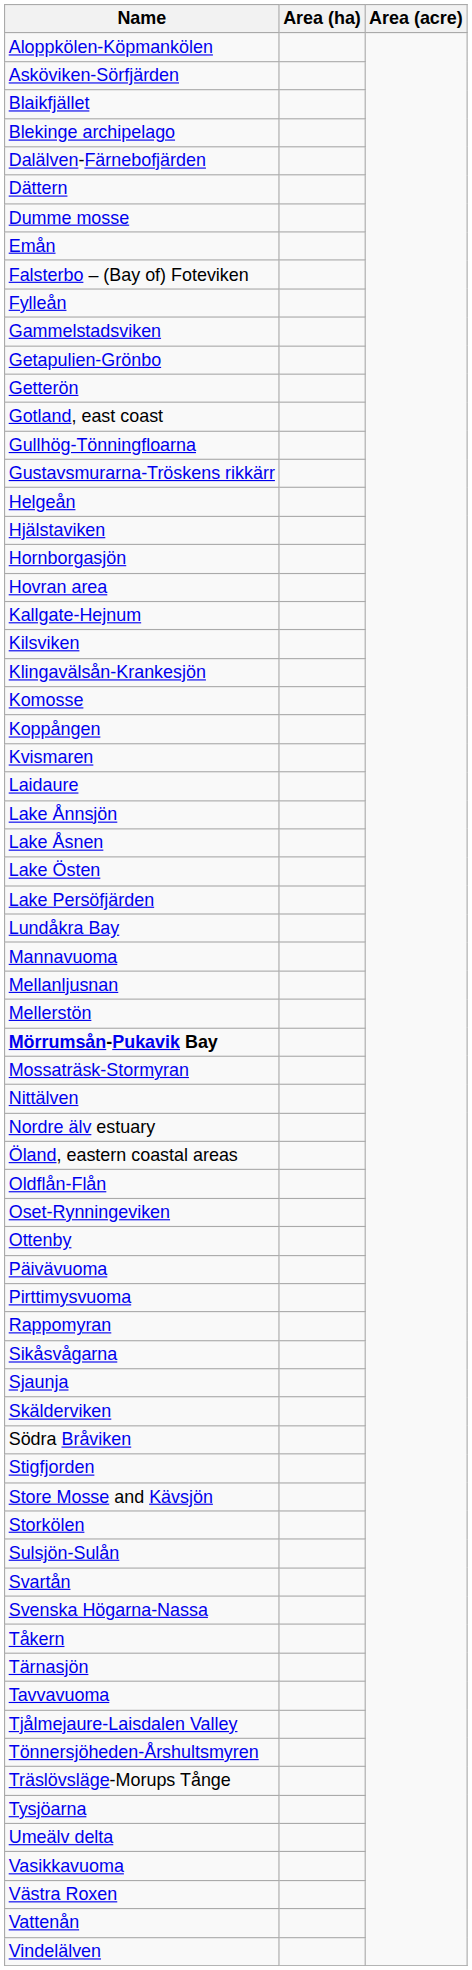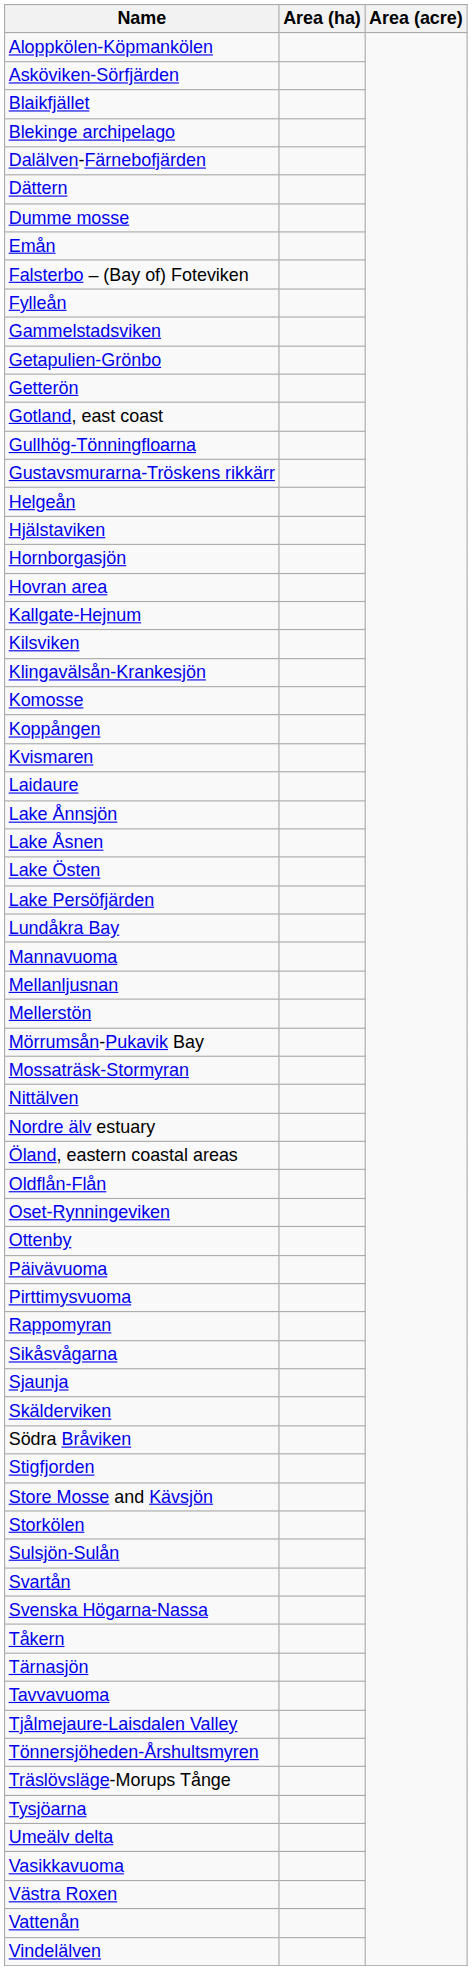 <table class="wikitable sortable">
 <tr>
 <th scope="col" align=left>Name</th>
 <th scope="col">Area (ha)</th>
 <th scope="col">Area (acre)</th>
 </tr>
 <tr ---->
 <td><a href='#'>Aloppkölen-Köpmankölen</a></td>
 <td></td>
 </tr>
 <tr ---->
 <td><a href='#'>Asköviken-Sörfjärden</a></td>
 <td></td>
 </tr>
 <tr ---->
 <td><a href='#'>Blaikfjället</a></td>
 <td></td>
 </tr>
 <tr ---->
 <td><a href='#'>Blekinge archipelago</a></td>
 <td></td>
 </tr>
 <tr ---->
 <td><a href='#'>Dalälven</a>-<a href='#'>Färnebofjärden</a></td>
 <td></td>
 </tr>
 <tr ---->
 <td><a href='#'>Dättern</a></td>
 <td></td>
 </tr>
 <tr ---->
 <td><a href='#'>Dumme mosse</a></td>
 <td></td>
 </tr>
 <tr ---->
 <td><a href='#'>Emån</a></td>
 <td></td>
 </tr>
 <tr ---->
 <td><a href='#'>Falsterbo</a> – (Bay of) Foteviken</td>
 <td></td>
 </tr>
 <tr ---->
 <td><a href='#'>Fylleån</a></td>
 <td></td>
 </tr>
 <tr ---->
 <td><a href='#'>Gammelstadsviken</a></td>
 <td></td>
 </tr>
 <tr ---->
 <td><a href='#'>Getapulien-Grönbo</a></td>
 <td></td>
 </tr>
 <tr ---->
 <td><a href='#'>Getterön</a></td>
 <td></td>
 </tr>
 <tr ---->
 <td><a href='#'>Gotland</a>, east coast</td>
 <td></td>
 </tr>
 <tr ---->
 <td><a href='#'>Gullhög-Tönningfloarna</a></td>
 <td></td>
 </tr>
 <tr ---->
 <td><a href='#'>Gustavsmurarna-Tröskens rikkärr</a></td>
 <td></td>
 </tr>
 <tr ---->
 <td><a href='#'>Helgeån</a></td>
 <td></td>
 </tr>
 <tr ---->
 <td><a href='#'>Hjälstaviken</a></td>
 <td></td>
 </tr>
 <tr ---->
 <td><a href='#'>Hornborgasjön</a></td>
 <td></td>
 </tr>
 <tr ---->
 <td><a href='#'>Hovran area</a></td>
 <td></td>
 </tr>
 <tr ---->
 <td><a href='#'>Kallgate-Hejnum</a></td>
 <td></td>
 </tr>
 <tr ---->
 <td><a href='#'>Kilsviken</a></td>
 <td></td>
 </tr>
 <tr ---->
 <td><a href='#'>Klingavälsån-Krankesjön</a></td>
 <td></td>
 </tr>
 <tr ---->
 <td><a href='#'>Komosse</a></td>
 <td></td>
 </tr>
 <tr ---->
 <td><a href='#'>Koppången</a></td>
 <td></td>
 </tr>
 <tr ---->
 <td><a href='#'>Kvismaren</a></td>
 <td></td>
 </tr>
 <tr ---->
 <td><a href='#'>Laidaure</a></td>
 <td></td>
 </tr>
 <tr ---->
 <td><a href='#'>Lake Ånnsjön</a></td>
 <td></td>
 </tr>
 <tr ---->
 <td><a href='#'>Lake Åsnen</a></td>
 <td></td>
 </tr>
 <tr ---->
 <td><a href='#'>Lake Östen</a></td>
 <td></td>
 </tr>
 <tr ---->
 <td><a href='#'>Lake Persöfjärden</a></td>
 <td></td>
 </tr>
 <tr ---->
 <td><a href='#'>Lundåkra Bay</a></td>
 <td></td>
 </tr>
 <tr ---->
 <td><a href='#'>Mannavuoma</a></td>
 <td></td>
 </tr>
 <tr ---->
 <td><a href='#'>Mellanljusnan</a></td>
 <td></td>
 </tr>
 <tr ---->
 <td><a href='#'>Mellerstön</a></td>
 <td></td>
 </tr>
 <tr ---->
-<td><strong><a href='#'>Mörrumsån</a>-<a href='#'>Pukavik</a> Bay</strong></td>
+<td><a href='#'>Mörrumsån</a>-<a href='#'>Pukavik</a> Bay</td>
 <td></td>
 </tr>
 <tr ---->
 <td><a href='#'>Mossaträsk-Stormyran</a></td>
 <td></td>
 </tr>
 <tr ---->
 <td><a href='#'>Nittälven</a></td>
 <td></td>
 </tr>
 <tr ---->
 <td><a href='#'>Nordre älv</a> estuary</td>
 <td></td>
 </tr>
 <tr ---->
 <td><a href='#'>Öland</a>, eastern coastal areas</td>
 <td></td>
 </tr>
 <tr ---->
 <td><a href='#'>Oldflån-Flån</a></td>
 <td></td>
 </tr>
 <tr ---->
 <td><a href='#'>Oset-Rynningeviken</a></td>
 <td></td>
 </tr>
 <tr ---->
 <td><a href='#'>Ottenby</a></td>
 <td></td>
 </tr>
 <tr ---->
 <td><a href='#'>Päivävuoma</a></td>
 <td></td>
 </tr>
 <tr ---->
 <td><a href='#'>Pirttimysvuoma</a></td>
 <td></td>
 </tr>
 <tr ---->
 <td><a href='#'>Rappomyran</a></td>
 <td></td>
 </tr>
 <tr ---->
 <td><a href='#'>Sikåsvågarna</a></td>
 <td></td>
 </tr>
 <tr ---->
 <td><a href='#'>Sjaunja</a></td>
 <td></td>
 </tr>
 <tr ---->
 <td><a href='#'>Skälderviken</a></td>
 <td></td>
 </tr>
 <tr ---->
 <td>Södra <a href='#'>Bråviken</a></td>
 <td></td>
 </tr>
 <tr ---->
 <td><a href='#'>Stigfjorden</a></td>
 <td></td>
 </tr>
 <tr ---->
 <td><a href='#'>Store Mosse</a> and <a href='#'>Kävsjön</a></td>
 <td></td>
 </tr>
 <tr ---->
 <td><a href='#'>Storkölen</a></td>
 <td></td>
 </tr>
 <tr ---->
 <td><a href='#'>Sulsjön-Sulån</a></td>
 <td></td>
 </tr>
 <tr ---->
 <td><a href='#'>Svartån</a></td>
 <td></td>
 </tr>
 <tr ---->
 <td><a href='#'>Svenska Högarna-Nassa</a></td>
 <td></td>
 </tr>
 <tr ---->
 <td><a href='#'>Tåkern</a></td>
 <td></td>
 </tr>
 <tr ---->
 <td><a href='#'>Tärnasjön</a></td>
 <td></td>
 </tr>
 <tr ---->
 <td><a href='#'>Tavvavuoma</a></td>
 <td></td>
 </tr>
 <tr ---->
 <td><a href='#'>Tjålmejaure-Laisdalen Valley</a></td>
 <td></td>
 </tr>
 <tr ---->
 <td><a href='#'>Tönnersjöheden-Årshultsmyren</a></td>
 <td></td>
 </tr>
 <tr ---->
 <td><a href='#'>Träslövsläge</a>-Morups Tånge</td>
 <td></td>
 </tr>
 <tr ---->
 <td><a href='#'>Tysjöarna</a></td>
 <td></td>
 </tr>
 <tr ---->
 <td><a href='#'>Umeälv delta</a></td>
 <td></td>
 </tr>
 <tr ---->
 <td><a href='#'>Vasikkavuoma</a></td>
 <td></td>
 </tr>
 <tr ---->
 <td><a href='#'>Västra Roxen</a></td>
 <td></td>
 </tr>
 <tr ---->
 <td><a href='#'>Vattenån</a></td>
 <td></td>
 </tr>
 <tr ---->
 <td><a href='#'>Vindelälven</a></td>
 <td></td>
 </tr>
 </table>
